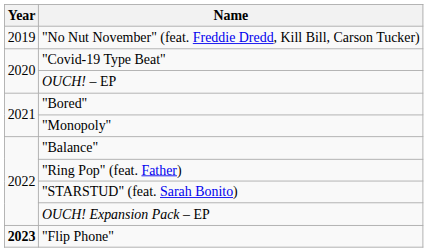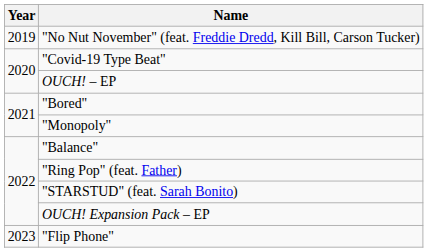 <table class="wikitable sortable mw-collapsible">
 <tr>
 <th>Year</th>
 <th>Name</th>
 </tr>
 <tr>
 <td>2019</td>
 <td>"No Nut November" (feat. <a href='#'>Freddie Dredd</a>, Kill Bill, Carson Tucker)</td>
 </tr>
 <tr>
 <td rowspan="2">2020</td>
 <td>"Covid-19 Type Beat"</td>
 </tr>
 <tr>
 <td><em>OUCH!</em> – EP</td>
 </tr>
 <tr>
 <td rowspan="2">2021</td>
 <td>"Bored"</td>
 </tr>
 <tr>
 <td>"Monopoly"</td>
 </tr>
 <tr>
 <td rowspan="4">2022</td>
 <td>"Balance"</td>
 </tr>
 <tr>
 <td>"Ring Pop" (feat. <a href='#'>Father</a>)</td>
 </tr>
 <tr>
 <td>"STARSTUD" (feat. <a href='#'>Sarah Bonito</a>)</td>
 </tr>
 <tr>
 <td><em>OUCH! Expansion Pack</em> – EP</td>
 </tr>
 <tr>
-<td><strong>2023</strong></td>
+<td>2023</td>
 <td>"Flip Phone"</td>
 </tr>
 </table>
